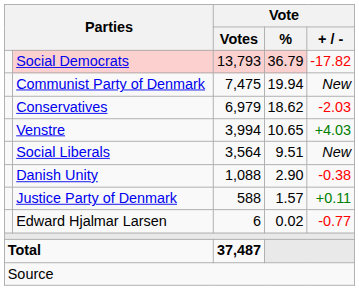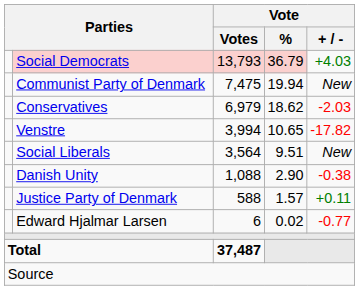 <table class="wikitable" style="text-align:right;">
 <tr>
 <th style="text-align:centre;" rowspan="2" colspan="2" width="225">Parties</th>
 <th colspan="3">Vote</th>
 </tr>
 <tr>
 <th width="15">Votes</th>
 <th width="15">%</th>
 <th width="15">+ / -</th>
 </tr>
 <tr>
 <td width="2" style="color:inherit;background:"></td>
 <td bgcolor=#fbd0ce  align="left"><a href='#'>Social Democrats</a></td>
 <td bgcolor=#fbd0ce>13,793</td>
 <td bgcolor=#fbd0ce>36.79</td>
-<td style=color:red;>-17.82</td>
+<td style=color:green;>+4.03</td>
 </tr>
 <tr>
 <td width="2" style="color:inherit;background:"></td>
 <td align="left"><a href='#'>Communist Party of Denmark</a></td>
 <td>7,475</td>
 <td>19.94</td>
 <td><em>New</em></td>
 </tr>
 <tr>
 <td width="2" style="color:inherit;background:"></td>
 <td align="left"><a href='#'>Conservatives</a></td>
 <td>6,979</td>
 <td>18.62</td>
 <td style=color:red;>-2.03</td>
 </tr>
 <tr>
 <td width="2" style="color:inherit;background:"></td>
 <td align="left"><a href='#'>Venstre</a></td>
 <td>3,994</td>
 <td>10.65</td>
-<td style=color:green;>+4.03</td>
+<td style=color:red;>-17.82</td>
 </tr>
 <tr>
 <td width="2" style="color:inherit;background:"></td>
 <td align="left"><a href='#'>Social Liberals</a></td>
 <td>3,564</td>
 <td>9.51</td>
 <td><em>New</em></td>
 </tr>
 <tr>
 <td width="2" style="color:inherit;background:"></td>
 <td align="left"><a href='#'>Danish Unity</a></td>
 <td>1,088</td>
 <td>2.90</td>
 <td style=color:red;>-0.38</td>
 </tr>
 <tr>
 <td width="2" style="color:inherit;background:"></td>
 <td align="left"><a href='#'>Justice Party of Denmark</a></td>
 <td>588</td>
 <td>1.57</td>
 <td style=color:green;>+0.11</td>
 </tr>
 <tr>
 <td width="2" style="color:inherit;background:"></td>
 <td align="left">Edward Hjalmar Larsen</td>
 <td>6</td>
 <td>0.02</td>
 <td style=color:red;>-0.77</td>
 </tr>
 <tr>
 <td colspan="7" bgcolor="#E9E9E9"></td>
 </tr>
 <tr>
 <td align="left" colspan="2"><strong>Total</strong></td>
 <td><strong>37,487</strong></td>
 <td bgcolor="#E9E9E9" colspan="2"></td>
 </tr>
 <tr>
 <td align="left" colspan="6">Source</td>
 </tr>
 </table>
